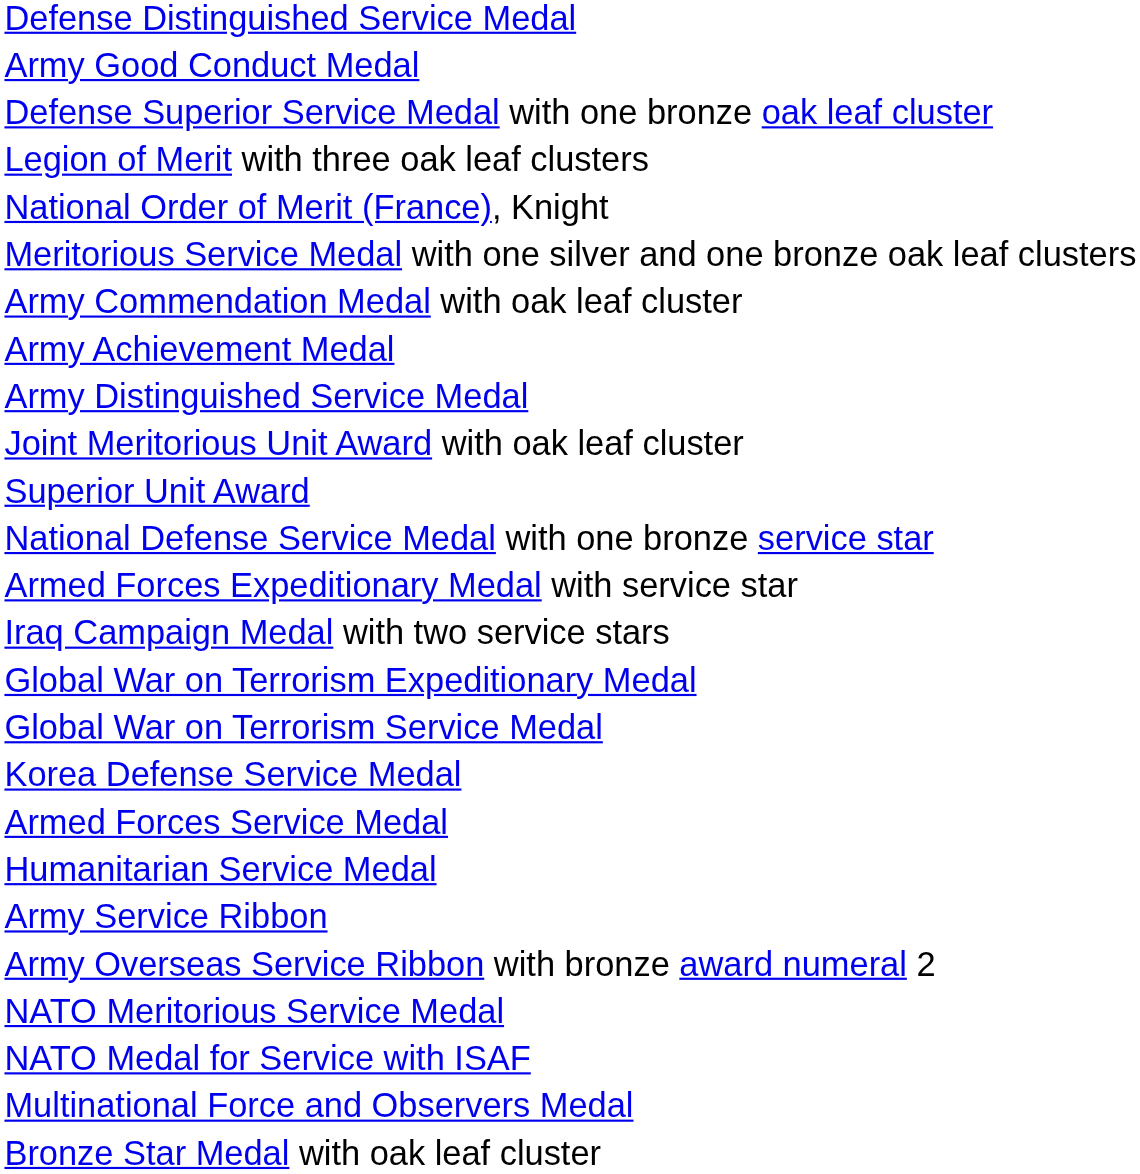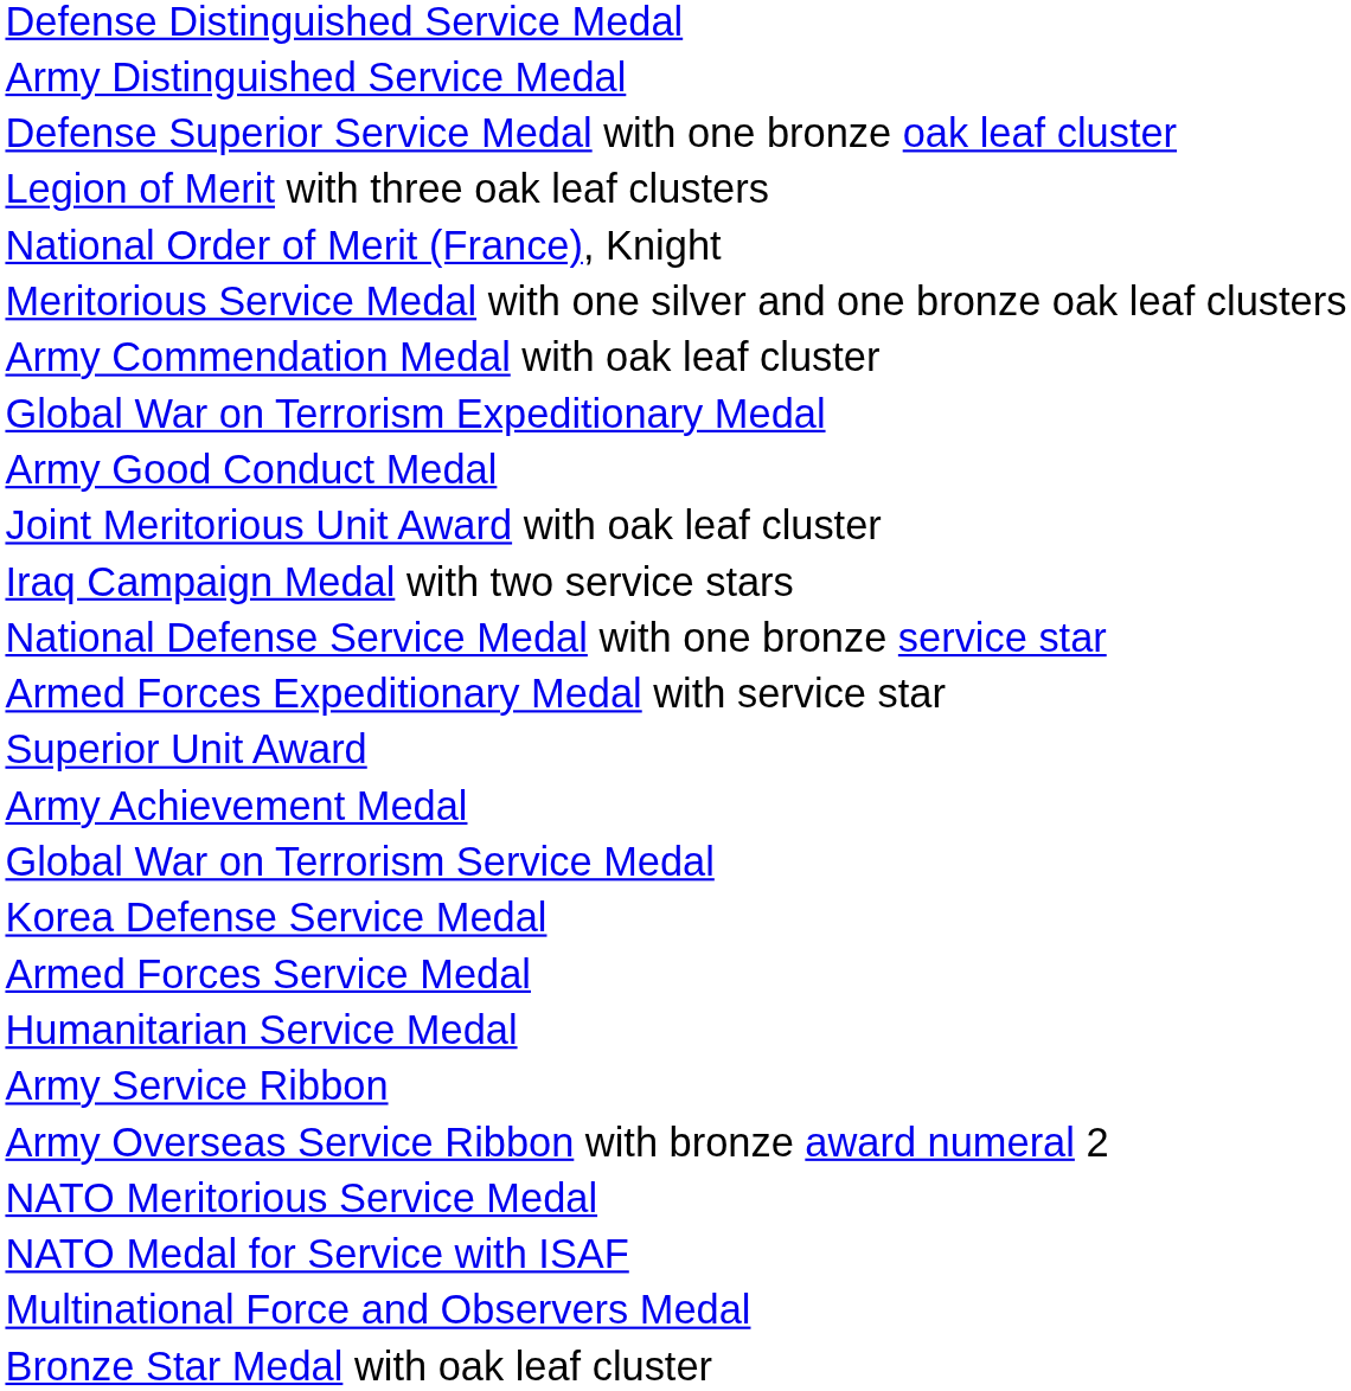 <table>
 <tr>
 <td> <a href='#'>Defense Distinguished Service Medal</a></td>
 </tr>
 <tr>
-<td> <a href='#'>Army Good Conduct Medal</a></td>
+<td> <a href='#'>Army Distinguished Service Medal</a></td>
 </tr>
 <tr>
 <td> <a href='#'>Defense Superior Service Medal</a> with one bronze <a href='#'>oak leaf cluster</a></td>
 </tr>
 <tr>
 <td> <a href='#'>Legion of Merit</a> with three oak leaf clusters</td>
 </tr>
 <tr>
 <td> <a href='#'>National Order of Merit (France)</a>, Knight</td>
 </tr>
 <tr>
 <td> <a href='#'>Meritorious Service Medal</a> with one silver and one bronze oak leaf clusters</td>
 </tr>
 <tr>
 <td> <a href='#'>Army Commendation Medal</a> with oak leaf cluster</td>
 </tr>
 <tr>
-<td> <a href='#'>Army Achievement Medal</a></td>
+<td> <a href='#'>Global War on Terrorism Expeditionary Medal</a></td>
 </tr>
 <tr>
-<td> <a href='#'>Army Distinguished Service Medal</a></td>
+<td> <a href='#'>Army Good Conduct Medal</a></td>
 </tr>
 <tr>
 <td> <a href='#'>Joint Meritorious Unit Award</a> with oak leaf cluster</td>
 </tr>
 <tr>
-<td> <a href='#'>Superior Unit Award</a></td>
+<td><span></span><span></span> <a href='#'>Iraq Campaign Medal</a> with two service stars</td>
 </tr>
 <tr>
 <td> <a href='#'>National Defense Service Medal</a> with one bronze <a href='#'>service star</a></td>
 </tr>
 <tr>
 <td> <a href='#'>Armed Forces Expeditionary Medal</a> with service star</td>
 </tr>
 <tr>
-<td><span></span><span></span> <a href='#'>Iraq Campaign Medal</a> with two service stars</td>
+<td> <a href='#'>Superior Unit Award</a></td>
 </tr>
 <tr>
-<td> <a href='#'>Global War on Terrorism Expeditionary Medal</a></td>
+<td> <a href='#'>Army Achievement Medal</a></td>
 </tr>
 <tr>
 <td> <a href='#'>Global War on Terrorism Service Medal</a></td>
 </tr>
 <tr>
 <td> <a href='#'>Korea Defense Service Medal</a></td>
 </tr>
 <tr>
 <td> <a href='#'>Armed Forces Service Medal</a></td>
 </tr>
 <tr>
 <td> <a href='#'>Humanitarian Service Medal</a></td>
 </tr>
 <tr>
 <td> <a href='#'>Army Service Ribbon</a></td>
 </tr>
 <tr>
 <td><span></span> <a href='#'>Army Overseas Service Ribbon</a> with bronze <a href='#'>award numeral</a> 2</td>
 </tr>
 <tr>
 <td> <a href='#'>NATO Meritorious Service Medal</a></td>
 </tr>
 <tr>
 <td> <a href='#'>NATO Medal for Service with ISAF</a></td>
 </tr>
 <tr>
 <td> <a href='#'>Multinational Force and Observers Medal</a></td>
 </tr>
 <tr>
 <td> <a href='#'>Bronze Star Medal</a> with oak leaf cluster</td>
 </tr>
 </table>
